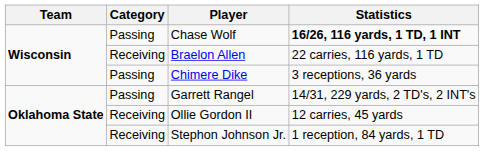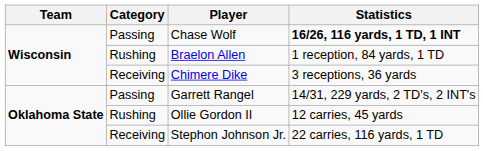 <table class="wikitable" style="float: right;">
 <tr>
 <th>Team</th>
 <th>Category</th>
 <th>Player</th>
 <th>Statistics</th>
 </tr>
 <tr>
 <td rowspan=3><strong>Wisconsin </strong></td>
 <td>Passing</td>
 <td>Chase Wolf</td>
 <td><strong>16/26, 116 yards, 1 TD, 1 INT</strong></td>
 </tr>
 <tr>
-<td>Receiving</td>
+<td>Rushing</td>
 <td><a href='#'>Braelon Allen</a></td>
-<td>22 carries, 116 yards, 1 TD</td>
+<td>1 reception, 84 yards, 1 TD</td>
 </tr>
 <tr>
-<td>Passing</td>
+<td>Receiving</td>
 <td><a href='#'>Chimere Dike</a></td>
 <td>3 receptions, 36 yards</td>
 </tr>
 <tr>
 <td rowspan=3><strong>Oklahoma State</strong></td>
 <td>Passing</td>
 <td>Garrett Rangel</td>
 <td>14/31, 229 yards, 2 TD's, 2 INT's</td>
 </tr>
 <tr>
-<td>Receiving</td>
+<td>Rushing</td>
 <td>Ollie Gordon II</td>
 <td>12 carries, 45 yards</td>
 </tr>
 <tr>
 <td>Receiving</td>
 <td>Stephon Johnson Jr.</td>
-<td>1 reception, 84 yards, 1 TD</td>
+<td>22 carries, 116 yards, 1 TD</td>
 </tr>
 </table>
